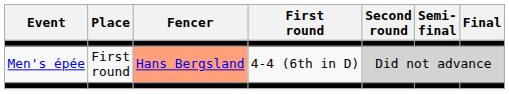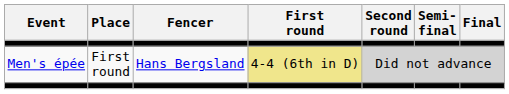 <table class=wikitable>
 <tr>
 <th>Event</th>
 <th>Place</th>
 <th>Fencer</th>
 <th>First <br> round</th>
 <th>Second <br> round</th>
 <th>Semi-<br>final</th>
 <th>Final</th>
 </tr>
 <tr bgcolor=black>
 <td></td>
 <td></td>
 <td></td>
 <td></td>
 <td></td>
 <td></td>
 <td></td>
 </tr>
 <tr align=center>
 <td align=left><a href='#'>Men's épée</a></td>
 <td>First <br> round</td>
-<td align=left style="background: lightsalmon;"><a href='#'>Hans Bergsland</a></td>
-<td>4-4 (6th in D)</td>
+<td align=left><a href='#'>Hans Bergsland</a></td>
+<td style="background: khaki;">4-4 (6th in D)</td>
 <td colspan=3 bgcolor=lightgray>Did not advance</td>
 </tr>
 <tr bgcolor=black>
 <td></td>
 <td></td>
 <td></td>
 <td></td>
 <td></td>
 <td></td>
 <td></td>
 </tr>
 </table>
